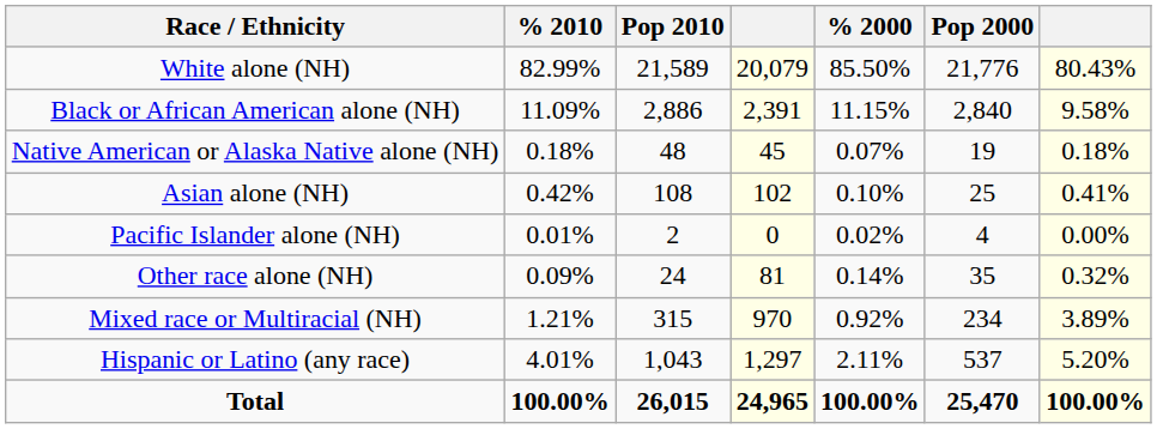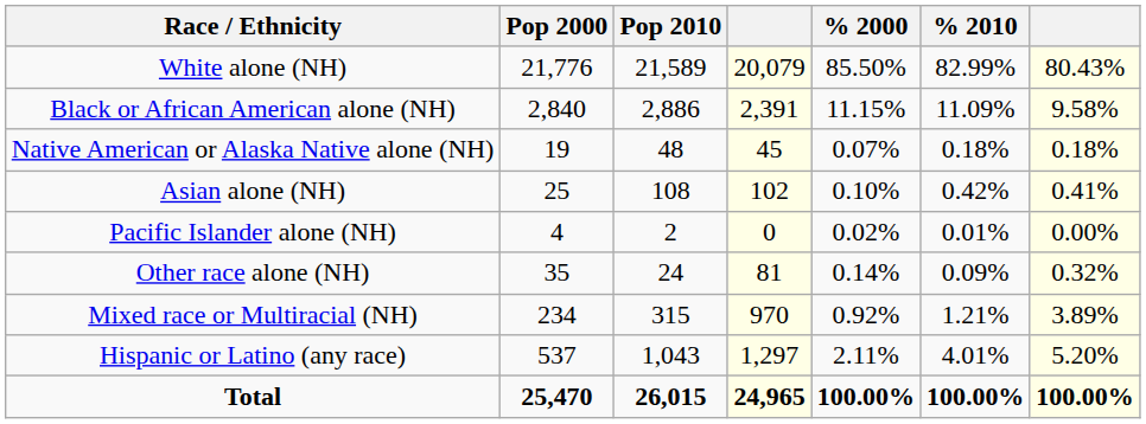 <table class="wikitable" style="text-align:center;">
 <tr>
 <th>Race / Ethnicity</th>
-<th>% 2010</th>
+<th>Pop 2000</th>
 <th>Pop 2010</th>
 <th></th>
 <th>% 2000</th>
-<th>Pop 2000</th>
+<th>% 2010</th>
 <th></th>
 </tr>
 <tr>
 <td><a href='#'>White</a> alone (NH)</td>
-<td>82.99%</td>
+<td>21,776</td>
 <td>21,589</td>
 <td style='background: #ffffe6;'>20,079</td>
 <td>85.50%</td>
-<td>21,776</td>
+<td>82.99%</td>
 <td style='background: #ffffe6;'>80.43%</td>
 </tr>
 <tr>
 <td><a href='#'>Black or African American</a> alone (NH)</td>
-<td>11.09%</td>
+<td>2,840</td>
 <td>2,886</td>
 <td style='background: #ffffe6;'>2,391</td>
 <td>11.15%</td>
-<td>2,840</td>
+<td>11.09%</td>
 <td style='background: #ffffe6;'>9.58%</td>
 </tr>
 <tr>
 <td><a href='#'>Native American</a> or <a href='#'>Alaska Native</a> alone (NH)</td>
-<td>0.18%</td>
+<td>19</td>
 <td>48</td>
 <td style='background: #ffffe6;'>45</td>
 <td>0.07%</td>
-<td>19</td>
+<td>0.18%</td>
 <td style='background: #ffffe6;'>0.18%</td>
 </tr>
 <tr>
 <td><a href='#'>Asian</a> alone (NH)</td>
-<td>0.42%</td>
+<td>25</td>
 <td>108</td>
 <td style='background: #ffffe6;'>102</td>
 <td>0.10%</td>
-<td>25</td>
+<td>0.42%</td>
 <td style='background: #ffffe6;'>0.41%</td>
 </tr>
 <tr>
 <td><a href='#'>Pacific Islander</a> alone (NH)</td>
-<td>0.01%</td>
+<td>4</td>
 <td>2</td>
 <td style='background: #ffffe6;'>0</td>
 <td>0.02%</td>
-<td>4</td>
+<td>0.01%</td>
 <td style='background: #ffffe6;'>0.00%</td>
 </tr>
 <tr>
 <td><a href='#'>Other race</a> alone (NH)</td>
-<td>0.09%</td>
+<td>35</td>
 <td>24</td>
 <td style='background: #ffffe6;'>81</td>
 <td>0.14%</td>
-<td>35</td>
+<td>0.09%</td>
 <td style='background: #ffffe6;'>0.32%</td>
 </tr>
 <tr>
 <td><a href='#'>Mixed race or Multiracial</a> (NH)</td>
-<td>1.21%</td>
+<td>234</td>
 <td>315</td>
 <td style='background: #ffffe6;'>970</td>
 <td>0.92%</td>
-<td>234</td>
+<td>1.21%</td>
 <td style='background: #ffffe6;'>3.89%</td>
 </tr>
 <tr>
 <td><a href='#'>Hispanic or Latino</a> (any race)</td>
-<td>4.01%</td>
+<td>537</td>
 <td>1,043</td>
 <td style='background: #ffffe6;'>1,297</td>
 <td>2.11%</td>
-<td>537</td>
+<td>4.01%</td>
 <td style='background: #ffffe6;'>5.20%</td>
 </tr>
 <tr>
 <td><strong>Total</strong></td>
-<td><strong>100.00%</strong></td>
+<td><strong>25,470</strong></td>
 <td><strong>26,015</strong></td>
 <td style='background: #ffffe6;'><strong>24,965</strong></td>
 <td><strong>100.00%</strong></td>
-<td><strong>25,470</strong></td>
+<td><strong>100.00%</strong></td>
 <td style='background: #ffffe6;'><strong>100.00%</strong></td>
 </tr>
 </table>
